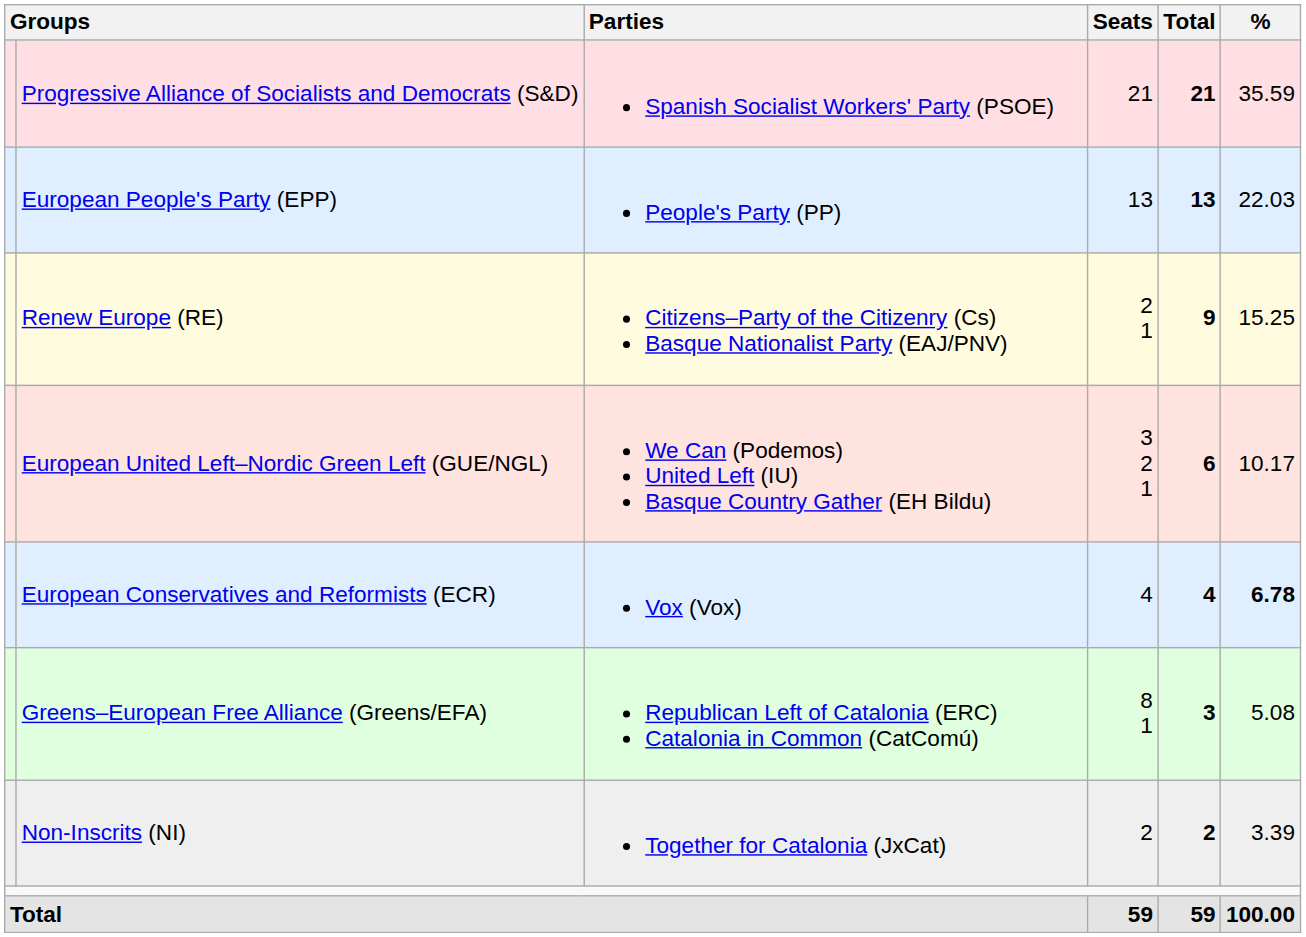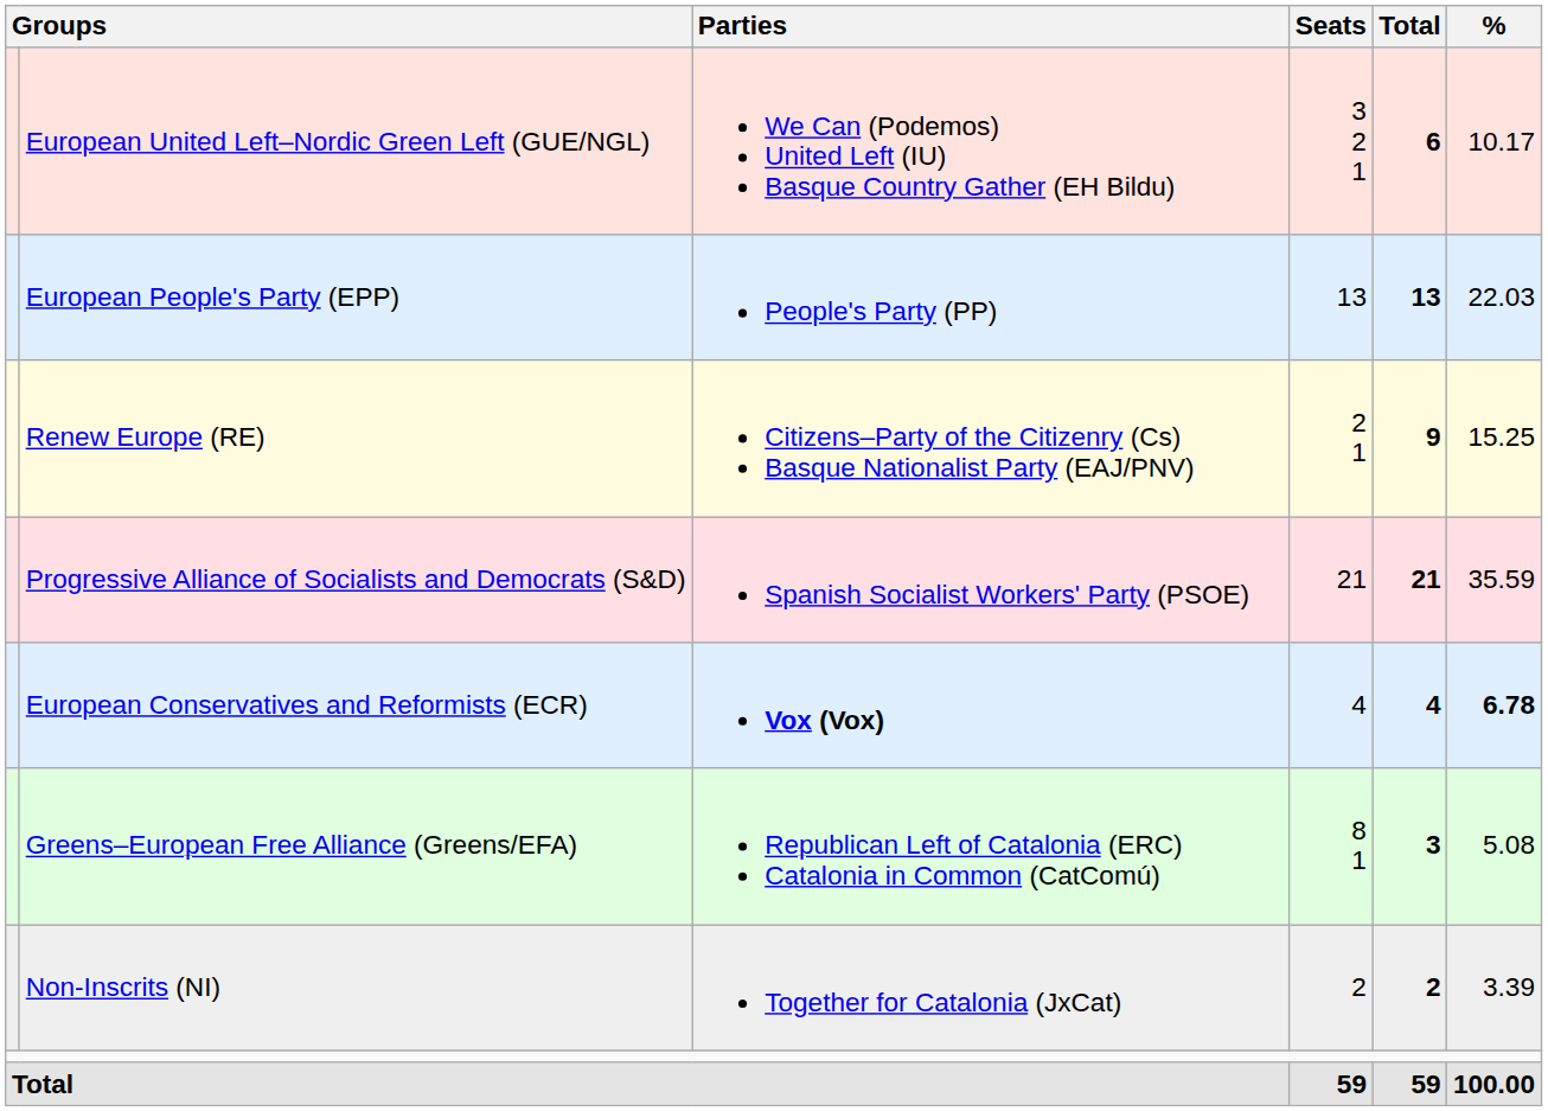 <table class="wikitable" style="text-align:right;">
 <tr>
 <th style="text-align:left;" colspan="2" width="375">Groups</th>
 <th style="text-align:left;" width="350">Parties</th>
 <th width="35">Seats</th>
 <th width="35">Total</th>
 <th width="45">%</th>
 </tr>
-<tr style="background:#FFDFE3;">
-<td width="1" style="color:inherit;background:"></td>
-<td align="left"><a href='#'>Progressive Alliance of Socialists and Democrats</a> (S&D)</td>
-<td align="left"><br><ul><li><a href='#'>Spanish Socialist Workers' Party</a> (PSOE)</li></ul></td>
-<td>21</td>
-<td><strong>21</strong></td>
-<td>35.59</td>
+<tr style="background:#FFE3DF;">
+<td style="color:inherit;background:"></td>
+<td align="left"><a href='#'>European United Left–Nordic Green Left</a> (GUE/NGL)</td>
+<td align="left"><br><ul><li><a href='#'>We Can</a> (Podemos)</li><li><a href='#'>United Left</a> (IU)</li><li><a href='#'>Basque Country Gather</a> (EH Bildu)</li></ul></td>
+<td>3<br>2<br>1</td>
+<td><strong>6</strong></td>
+<td>10.17</td>
 </tr>
 <tr style="background:#DFEFFF;">
 <td style="color:inherit;background:"></td>
 <td align="left"><a href='#'>European People's Party</a> (EPP)</td>
 <td align="left"><br><ul><li><a href='#'>People's Party</a> (PP)</li></ul></td>
 <td>13</td>
 <td><strong>13</strong></td>
 <td>22.03</td>
 </tr>
 <tr style="background:#FFFBDF;">
 <td style="color:inherit;background:"></td>
 <td align="left"><a href='#'>Renew Europe</a> (RE)</td>
 <td align="left"><br><ul><li><a href='#'>Citizens–Party of the Citizenry</a> (Cs)</li><li><a href='#'>Basque Nationalist Party</a> (EAJ/PNV)</li></ul></td>
 <td>2<br>1</td>
 <td><strong>9</strong></td>
 <td>15.25</td>
 </tr>
-<tr style="background:#FFE3DF;">
-<td style="color:inherit;background:"></td>
-<td align="left"><a href='#'>European United Left–Nordic Green Left</a> (GUE/NGL)</td>
-<td align="left"><br><ul><li><a href='#'>We Can</a> (Podemos)</li><li><a href='#'>United Left</a> (IU)</li><li><a href='#'>Basque Country Gather</a> (EH Bildu)</li></ul></td>
-<td>3<br>2<br>1</td>
-<td><strong>6</strong></td>
-<td>10.17</td>
+<tr style="background:#FFDFE3;">
+<td width="1" style="color:inherit;background:"></td>
+<td align="left"><a href='#'>Progressive Alliance of Socialists and Democrats</a> (S&D)</td>
+<td align="left"><br><ul><li><a href='#'>Spanish Socialist Workers' Party</a> (PSOE)</li></ul></td>
+<td>21</td>
+<td><strong>21</strong></td>
+<td>35.59</td>
 </tr>
 <tr style="background:#DFEFFF;">
 <td style="color:inherit;background:"></td>
 <td align="left"><a href='#'>European Conservatives and Reformists</a> (ECR)</td>
-<td align="left"><br><ul><li><a href='#'>Vox</a> (Vox)</li></ul></td>
+<td align="left"><strong><br><ul><li><a href='#'>Vox</a> (Vox)</li></ul></strong></td>
 <td>4</td>
 <td><strong>4</strong></td>
 <td><strong>6.78</strong></td>
 </tr>
 <tr style="background:#DFFFDF;">
 <td style="color:inherit;background:"></td>
 <td align="left"><a href='#'>Greens–European Free Alliance</a> (Greens/EFA)</td>
 <td align="left"><br><ul><li><a href='#'>Republican Left of Catalonia</a> (ERC)</li><li><a href='#'>Catalonia in Common</a> (CatComú)</li></ul></td>
 <td>8<br>1</td>
 <td><strong>3</strong></td>
 <td>5.08</td>
 </tr>
 <tr style="background:#EFEFEF;">
 <td style="color:inherit;background:"></td>
 <td align="left"><a href='#'>Non-Inscrits</a> (NI)</td>
 <td align="left"><br><ul><li><a href='#'>Together for Catalonia</a> (JxCat)</li></ul></td>
 <td>2</td>
 <td><strong>2</strong></td>
 <td>3.39</td>
 </tr>
 <tr>
 <td colspan="6"></td>
 </tr>
 <tr style="background:#E4E4E4; font-weight:bold;">
 <td align="left" colspan="3">Total</td>
 <td>59</td>
 <td>59</td>
 <td>100.00</td>
 </tr>
 </table>
